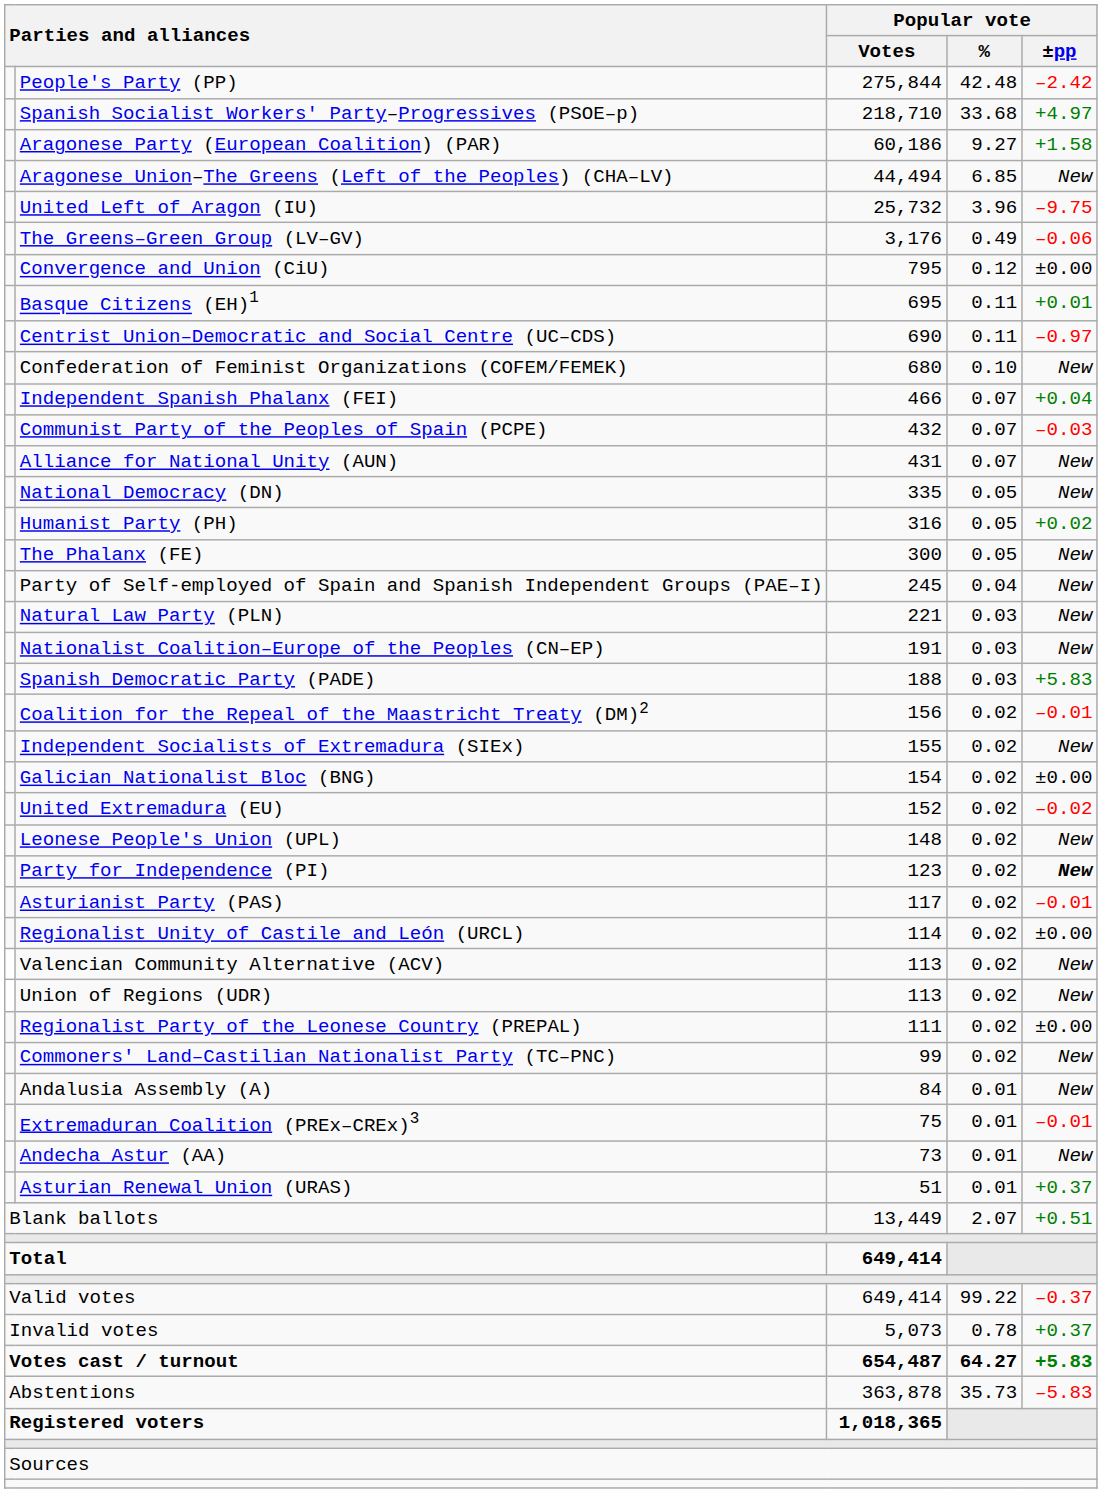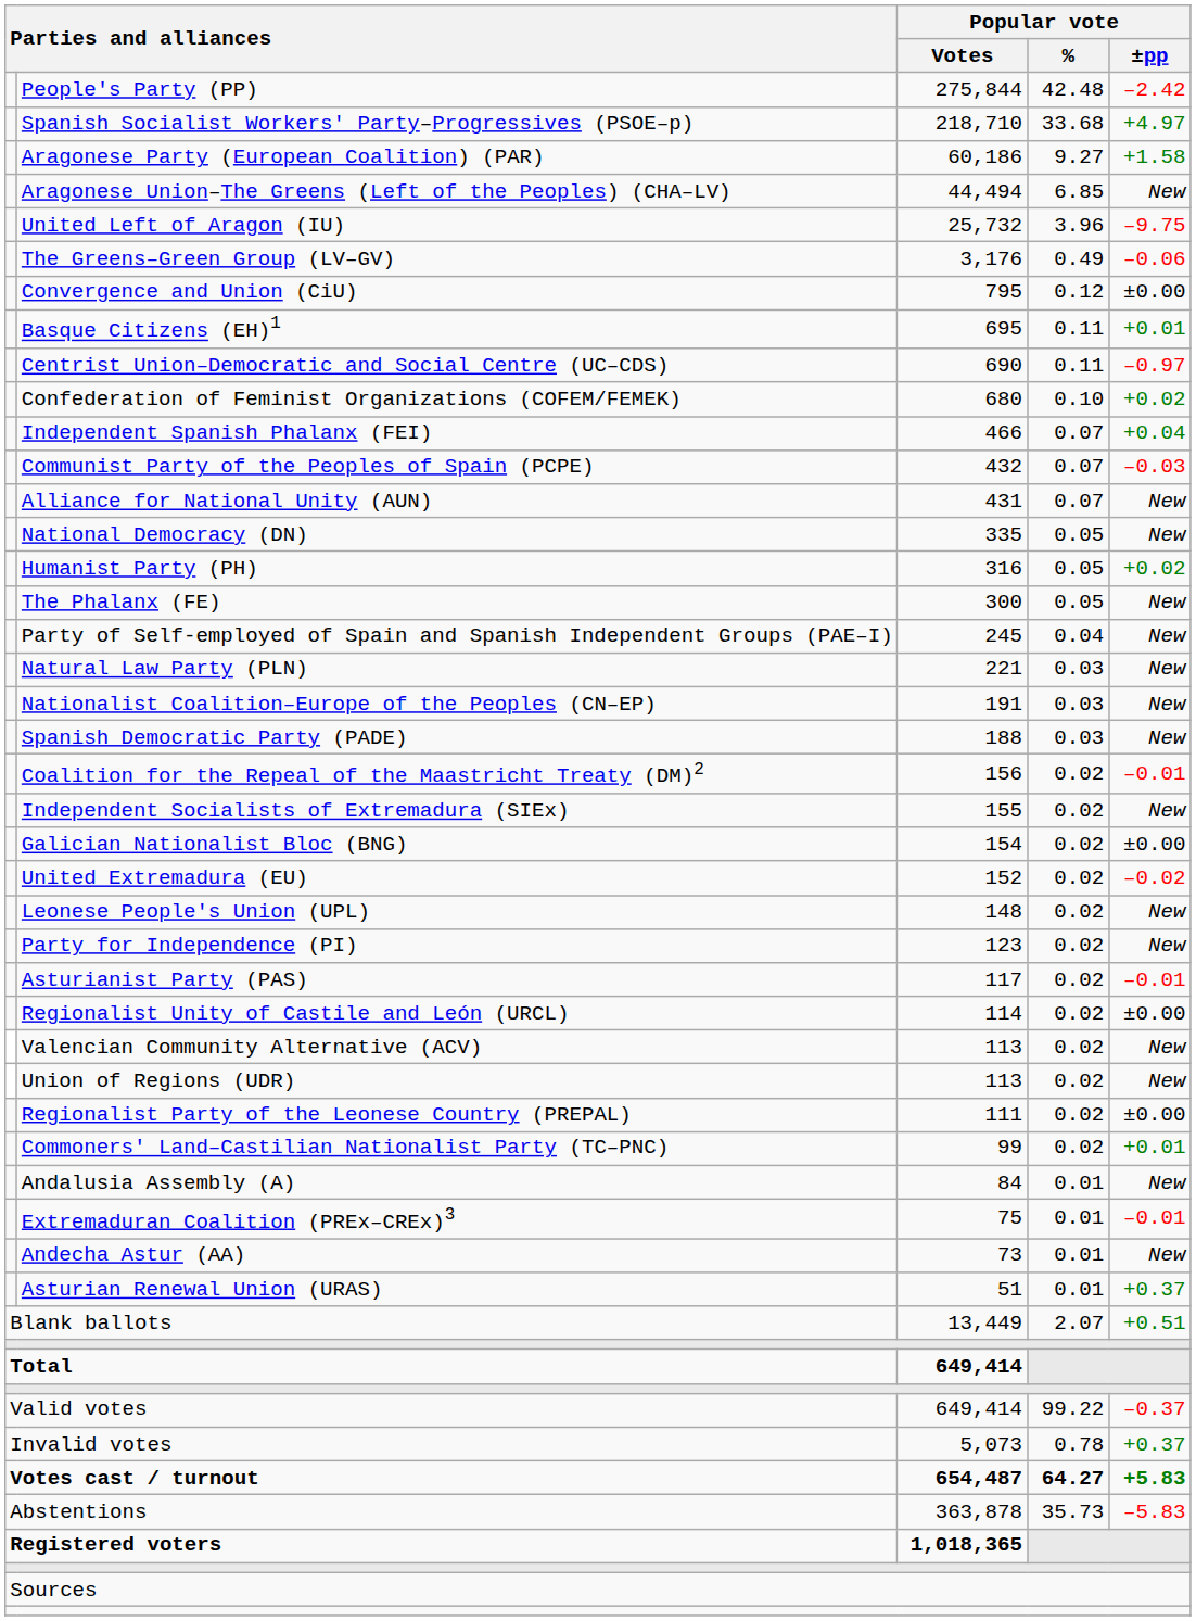 <table class="wikitable" style="text-align:right">
 <tr>
 <th style="text-align:left;" rowspan="2" colspan="2" width="525">Parties and alliances</th>
 <th colspan="3">Popular vote</th>
 </tr>
 <tr>
 <th width="75">Votes</th>
 <th width="45">%</th>
 <th width="45">±<a href='#'>pp</a></th>
 </tr>
 <tr>
 <td width="1" style="color:inherit;background:"></td>
 <td align="left"><a href='#'>People's Party</a> (PP)</td>
 <td>275,844</td>
 <td>42.48</td>
 <td style="color:red;">–2.42</td>
 </tr>
 <tr>
 <td style="color:inherit;background:"></td>
 <td align="left"><a href='#'>Spanish Socialist Workers' Party</a>–<a href='#'>Progressives</a> (PSOE–p)</td>
 <td>218,710</td>
 <td>33.68</td>
 <td style="color:green;">+4.97</td>
 </tr>
 <tr>
 <td style="color:inherit;background:"></td>
 <td align="left"><a href='#'>Aragonese Party</a> (<a href='#'>European Coalition</a>) (PAR)</td>
 <td>60,186</td>
 <td>9.27</td>
 <td style="color:green;">+1.58</td>
 </tr>
 <tr>
 <td style="color:inherit;background:"></td>
 <td align="left"><a href='#'>Aragonese Union</a>–<a href='#'>The Greens</a> (<a href='#'>Left of the Peoples</a>) (CHA–LV)</td>
 <td>44,494</td>
 <td>6.85</td>
 <td><em>New</em></td>
 </tr>
 <tr>
 <td style="color:inherit;background:"></td>
 <td align="left"><a href='#'>United Left of Aragon</a> (IU)</td>
 <td>25,732</td>
 <td>3.96</td>
 <td style="color:red;">–9.75</td>
 </tr>
 <tr>
 <td style="color:inherit;background:"></td>
 <td align="left"><a href='#'>The Greens–Green Group</a> (LV–GV)</td>
 <td>3,176</td>
 <td>0.49</td>
 <td style="color:red;">–0.06</td>
 </tr>
 <tr>
 <td style="color:inherit;background:"></td>
 <td align="left"><a href='#'>Convergence and Union</a> (CiU)</td>
 <td>795</td>
 <td>0.12</td>
 <td>±0.00</td>
 </tr>
 <tr>
 <td style="color:inherit;background:"></td>
 <td align="left"><a href='#'>Basque Citizens</a> (EH)<sup>1</sup></td>
 <td>695</td>
 <td>0.11</td>
 <td style="color:green;">+0.01</td>
 </tr>
 <tr>
 <td style="color:inherit;background:"></td>
 <td align="left"><a href='#'>Centrist Union–Democratic and Social Centre</a> (UC–CDS)</td>
 <td>690</td>
 <td>0.11</td>
 <td style="color:red;">–0.97</td>
 </tr>
 <tr>
 <td style="color:inherit;background:"></td>
 <td align="left">Confederation of Feminist Organizations (COFEM/FEMEK)</td>
 <td>680</td>
 <td>0.10</td>
-<td><em>New</em></td>
+<td style="color:green;">+0.02</td>
 </tr>
 <tr>
 <td style="color:inherit;background:"></td>
 <td align="left"><a href='#'>Independent Spanish Phalanx</a> (FEI)</td>
 <td>466</td>
 <td>0.07</td>
 <td style="color:green;">+0.04</td>
 </tr>
 <tr>
 <td style="color:inherit;background:"></td>
 <td align="left"><a href='#'>Communist Party of the Peoples of Spain</a> (PCPE)</td>
 <td>432</td>
 <td>0.07</td>
 <td style="color:red;">–0.03</td>
 </tr>
 <tr>
 <td style="color:inherit;background:"></td>
 <td align="left"><a href='#'>Alliance for National Unity</a> (AUN)</td>
 <td>431</td>
 <td>0.07</td>
 <td><em>New</em></td>
 </tr>
 <tr>
 <td style="color:inherit;background:"></td>
 <td align="left"><a href='#'>National Democracy</a> (DN)</td>
 <td>335</td>
 <td>0.05</td>
 <td><em>New</em></td>
 </tr>
 <tr>
 <td style="color:inherit;background:"></td>
 <td align="left"><a href='#'>Humanist Party</a> (PH)</td>
 <td>316</td>
 <td>0.05</td>
 <td style="color:green;">+0.02</td>
 </tr>
 <tr>
 <td style="color:inherit;background:"></td>
 <td align="left"><a href='#'>The Phalanx</a> (FE)</td>
 <td>300</td>
 <td>0.05</td>
 <td><em>New</em></td>
 </tr>
 <tr>
 <td style="color:inherit;background:"></td>
 <td align="left">Party of Self-employed of Spain and Spanish Independent Groups (PAE–I)</td>
 <td>245</td>
 <td>0.04</td>
 <td><em>New</em></td>
 </tr>
 <tr>
 <td style="color:inherit;background:"></td>
 <td align="left"><a href='#'>Natural Law Party</a> (PLN)</td>
 <td>221</td>
 <td>0.03</td>
 <td><em>New</em></td>
 </tr>
 <tr>
 <td style="color:inherit;background:"></td>
 <td align="left"><a href='#'>Nationalist Coalition–Europe of the Peoples</a> (CN–EP)</td>
 <td>191</td>
 <td>0.03</td>
 <td><em>New</em></td>
 </tr>
 <tr>
 <td style="color:inherit;background:"></td>
 <td align="left"><a href='#'>Spanish Democratic Party</a> (PADE)</td>
 <td>188</td>
 <td>0.03</td>
-<td style="color:green;">+5.83</td>
+<td><em>New</em></td>
 </tr>
 <tr>
 <td style="color:inherit;background:"></td>
 <td align="left"><a href='#'>Coalition for the Repeal of the Maastricht Treaty</a> (DM)<sup>2</sup></td>
 <td>156</td>
 <td>0.02</td>
 <td style="color:red;">–0.01</td>
 </tr>
 <tr>
 <td style="color:inherit;background:"></td>
 <td align="left"><a href='#'>Independent Socialists of Extremadura</a> (SIEx)</td>
 <td>155</td>
 <td>0.02</td>
 <td><em>New</em></td>
 </tr>
 <tr>
 <td style="color:inherit;background:"></td>
 <td align="left"><a href='#'>Galician Nationalist Bloc</a> (BNG)</td>
 <td>154</td>
 <td>0.02</td>
 <td>±0.00</td>
 </tr>
 <tr>
 <td style="color:inherit;background:"></td>
 <td align="left"><a href='#'>United Extremadura</a> (EU)</td>
 <td>152</td>
 <td>0.02</td>
 <td style="color:red;">–0.02</td>
 </tr>
 <tr>
 <td style="color:inherit;background:"></td>
 <td align="left"><a href='#'>Leonese People's Union</a> (UPL)</td>
 <td>148</td>
 <td>0.02</td>
 <td><em>New</em></td>
 </tr>
 <tr>
 <td style="color:inherit;background:"></td>
 <td align="left"><a href='#'>Party for Independence</a> (PI)</td>
 <td>123</td>
 <td>0.02</td>
-<td><strong><em>New</em></strong></td>
+<td><em>New</em></td>
 </tr>
 <tr>
 <td style="color:inherit;background:"></td>
 <td align="left"><a href='#'>Asturianist Party</a> (PAS)</td>
 <td>117</td>
 <td>0.02</td>
 <td style="color:red;">–0.01</td>
 </tr>
 <tr>
 <td style="color:inherit;background:"></td>
 <td align="left"><a href='#'>Regionalist Unity of Castile and León</a> (URCL)</td>
 <td>114</td>
 <td>0.02</td>
 <td>±0.00</td>
 </tr>
 <tr>
 <td bgcolor="white"></td>
 <td align="left">Valencian Community Alternative (ACV)</td>
 <td>113</td>
 <td>0.02</td>
 <td><em>New</em></td>
 </tr>
 <tr>
 <td bgcolor="white"></td>
 <td align="left">Union of Regions (UDR)</td>
 <td>113</td>
 <td>0.02</td>
 <td><em>New</em></td>
 </tr>
 <tr>
 <td style="color:inherit;background:"></td>
 <td align="left"><a href='#'>Regionalist Party of the Leonese Country</a> (PREPAL)</td>
 <td>111</td>
 <td>0.02</td>
 <td>±0.00</td>
 </tr>
 <tr>
 <td style="color:inherit;background:"></td>
 <td align="left"><a href='#'>Commoners' Land–Castilian Nationalist Party</a> (TC–PNC)</td>
 <td>99</td>
 <td>0.02</td>
-<td><em>New</em></td>
+<td style="color:green;">+0.01</td>
 </tr>
 <tr>
 <td style="color:inherit;background:"></td>
 <td align="left">Andalusia Assembly (A)</td>
 <td>84</td>
 <td>0.01</td>
 <td><em>New</em></td>
 </tr>
 <tr>
 <td style="color:inherit;background:"></td>
 <td align="left"><a href='#'>Extremaduran Coalition</a> (PREx–CREx)<sup>3</sup></td>
 <td>75</td>
 <td>0.01</td>
 <td style="color:red;">–0.01</td>
 </tr>
 <tr>
 <td style="color:inherit;background:"></td>
 <td align="left"><a href='#'>Andecha Astur</a> (AA)</td>
 <td>73</td>
 <td>0.01</td>
 <td><em>New</em></td>
 </tr>
 <tr>
 <td style="color:inherit;background:"></td>
 <td align="left"><a href='#'>Asturian Renewal Union</a> (URAS)</td>
 <td>51</td>
 <td>0.01</td>
 <td style="color:green;">+0.37</td>
 </tr>
 <tr>
 <td align="left" colspan="2">Blank ballots</td>
 <td>13,449</td>
 <td>2.07</td>
 <td style="color:green;">+0.51</td>
 </tr>
 <tr>
 <td colspan="5" bgcolor="#E9E9E9"></td>
 </tr>
 <tr style="font-weight:bold;">
 <td align="left" colspan="2">Total</td>
 <td>649,414</td>
 <td bgcolor="#E9E9E9" colspan="2"></td>
 </tr>
 <tr>
 <td colspan="5" bgcolor="#E9E9E9"></td>
 </tr>
 <tr>
 <td align="left" colspan="2">Valid votes</td>
 <td>649,414</td>
 <td>99.22</td>
 <td style="color:red;">–0.37</td>
 </tr>
 <tr>
 <td align="left" colspan="2">Invalid votes</td>
 <td>5,073</td>
 <td>0.78</td>
 <td style="color:green;">+0.37</td>
 </tr>
 <tr style="font-weight:bold;">
 <td align="left" colspan="2">Votes cast / turnout</td>
 <td>654,487</td>
 <td>64.27</td>
 <td style="color:green;">+5.83</td>
 </tr>
 <tr>
 <td align="left" colspan="2">Abstentions</td>
 <td>363,878</td>
 <td>35.73</td>
 <td style="color:red;">–5.83</td>
 </tr>
 <tr style="font-weight:bold;">
 <td align="left" colspan="2">Registered voters</td>
 <td>1,018,365</td>
 <td bgcolor="#E9E9E9" colspan="2"></td>
 </tr>
 <tr>
 <td colspan="5" bgcolor="#E9E9E9"></td>
 </tr>
 <tr>
 <td align="left" colspan="5">Sources</td>
 </tr>
 <tr>
 <td colspan="5" style="text-align:left; max-width:680px;"></td>
 </tr>
 </table>
